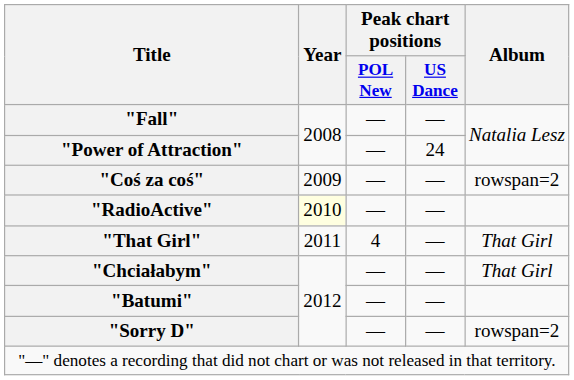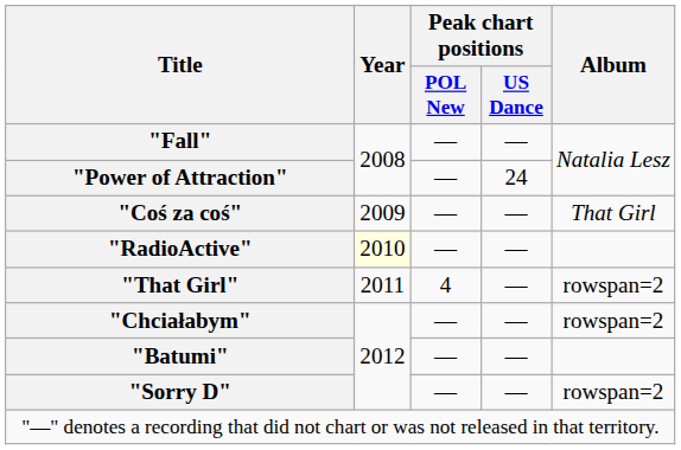 <table class="wikitable plainrowheaders" style="text-align:center;">
 <tr>
 <th scope="col" rowspan="2" style="width:15em;">Title</th>
 <th scope="col" rowspan="2">Year</th>
 <th scope="col" colspan="2">Peak chart positions</th>
 <th scope="col" rowspan="2">Album</th>
 </tr>
 <tr>
 <th scope="col" style="width:3em;font-size:90%;"><a href='#'>POL<br>New</a><br></th>
 <th scope="col" style="width:3em;font-size:90%;"><a href='#'>US<br>Dance</a><br></th>
 </tr>
 <tr>
 <th scope="row">"Fall"</th>
 <td rowspan=2>2008</td>
 <td>—</td>
 <td>—</td>
 <td rowspan=2><em>Natalia Lesz</em></td>
 </tr>
 <tr>
 <th scope="row">"Power of Attraction"</th>
 <td>—</td>
 <td>24</td>
 </tr>
 <tr>
 <th scope="row">"Coś za coś"</th>
 <td>2009</td>
 <td>—</td>
 <td>—</td>
-<td>rowspan=2 </td>
+<td><em>That Girl</em></td>
 </tr>
 <tr>
 <th scope="row">"RadioActive"</th>
 <td style="background: lightyellow;">2010</td>
 <td>—</td>
 <td>—</td>
 <td></td>
 </tr>
 <tr>
 <th scope="row">"That Girl"</th>
 <td>2011</td>
 <td>4</td>
 <td>—</td>
-<td><em>That Girl</em></td>
+<td>rowspan=2 </td>
 </tr>
 <tr>
 <th scope="row">"Chciałabym"</th>
 <td rowspan=3>2012</td>
 <td>—</td>
 <td>—</td>
-<td><em>That Girl</em></td>
+<td>rowspan=2 </td>
 </tr>
 <tr>
 <th scope="row">"Batumi"</th>
 <td>—</td>
 <td>—</td>
 </tr>
 <tr>
 <th scope="row">"Sorry D"</th>
 <td>—</td>
 <td>—</td>
 <td>rowspan=2 </td>
 </tr>
 <tr>
 <td colspan="20" style="font-size:90%">"—" denotes a recording that did not chart or was not released in that territory.</td>
 </tr>
 </table>
